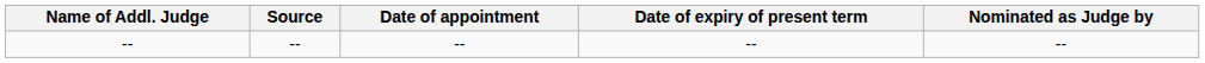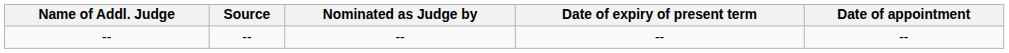 <table class="wikitable sortable static-row-numbers static-row-header" style="text-align:center" width="92%">
 <tr>
 <th>Name of Addl. Judge</th>
 <th>Source</th>
+<th>Nominated as Judge by</th>
+<th>Date of expiry of present term</th>
 <th>Date of appointment</th>
-<th>Date of expiry of present term</th>
-<th>Nominated as Judge by</th>
 </tr>
 <tr>
 <td>--</td>
 <td>--</td>
 <td>--</td>
 <td>--</td>
 <td>--</td>
 </tr>
 </table>
